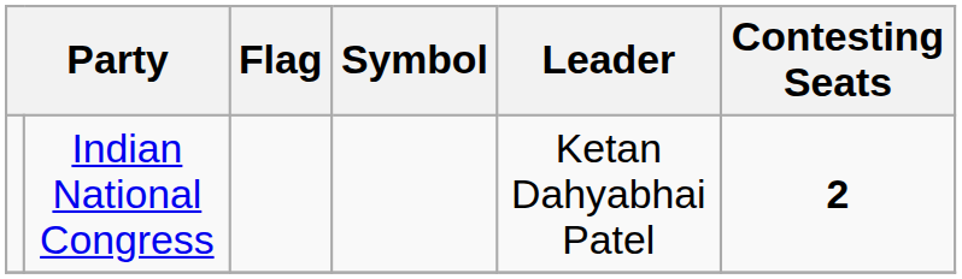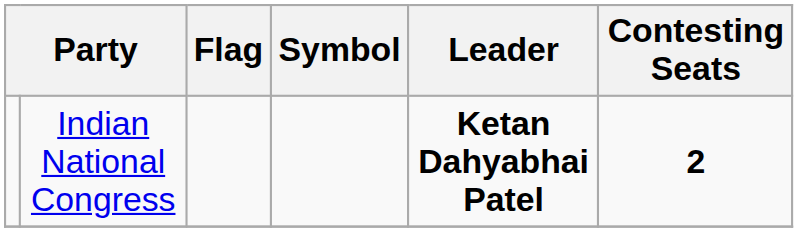 <table class="wikitable"  width="60%"; style="text-align:center">
 <tr>
 <th colspan="2">Party</th>
 <th>Flag</th>
 <th>Symbol</th>
 <th>Leader</th>
 <th>Contesting Seats</th>
 </tr>
 <tr>
 <td></td>
 <td><a href='#'>Indian National Congress</a></td>
 <td></td>
 <td></td>
-<td>Ketan Dahyabhai Patel</td>
+<td><strong>Ketan Dahyabhai Patel</strong></td>
 <td><strong>2</strong></td>
 </tr>
 <tr>
 </tr>
 </table>
